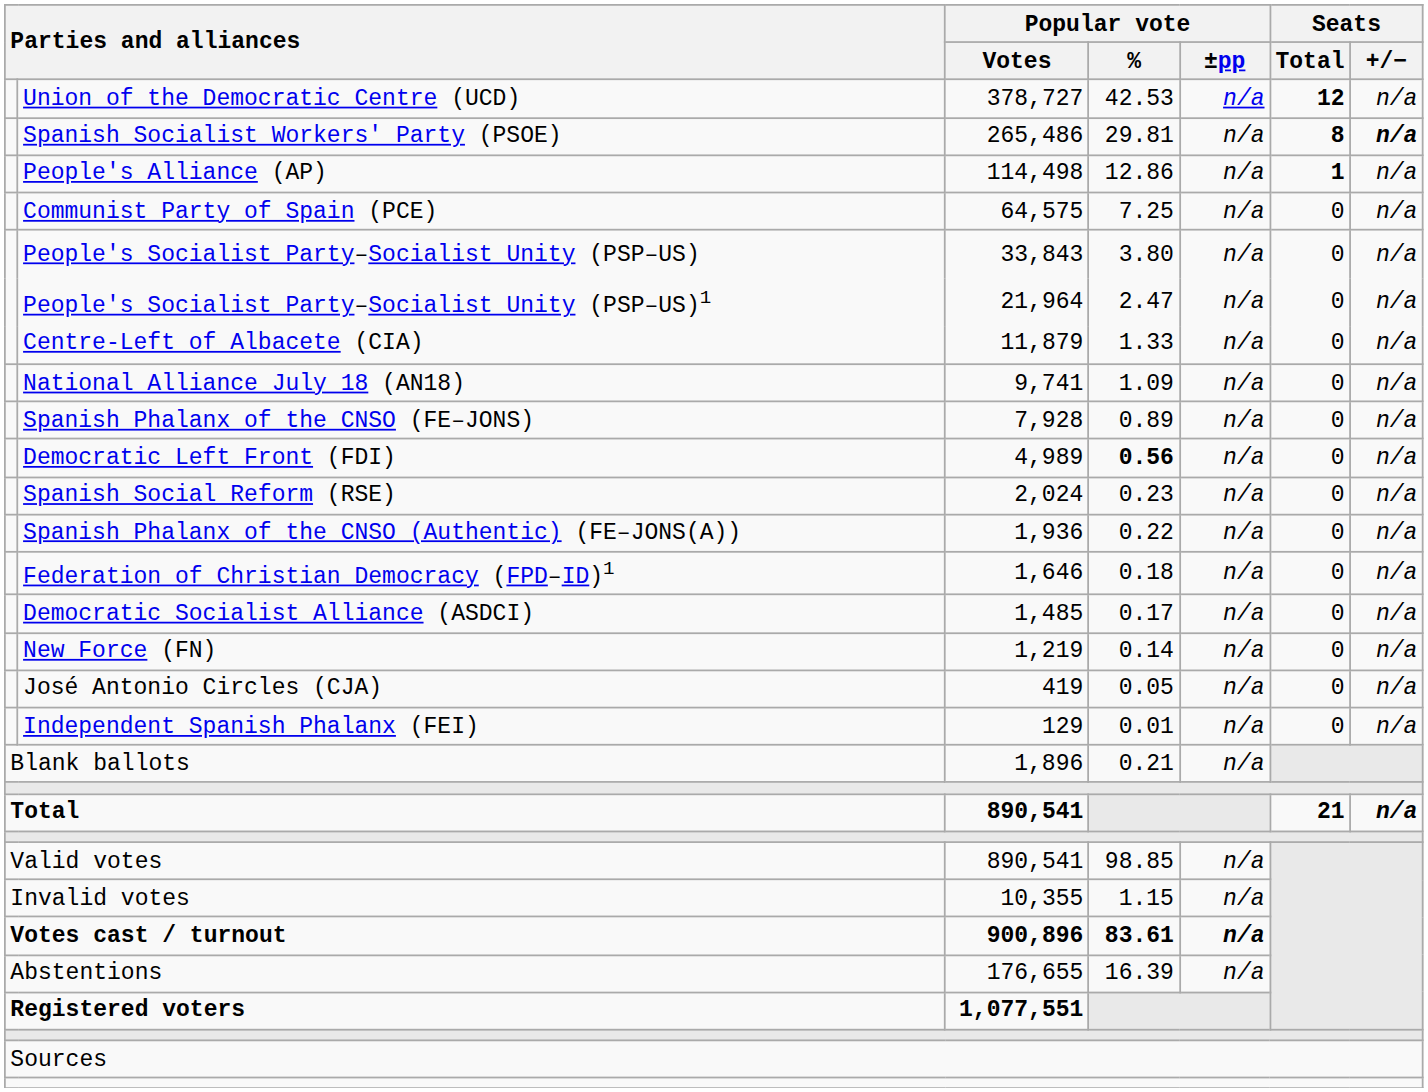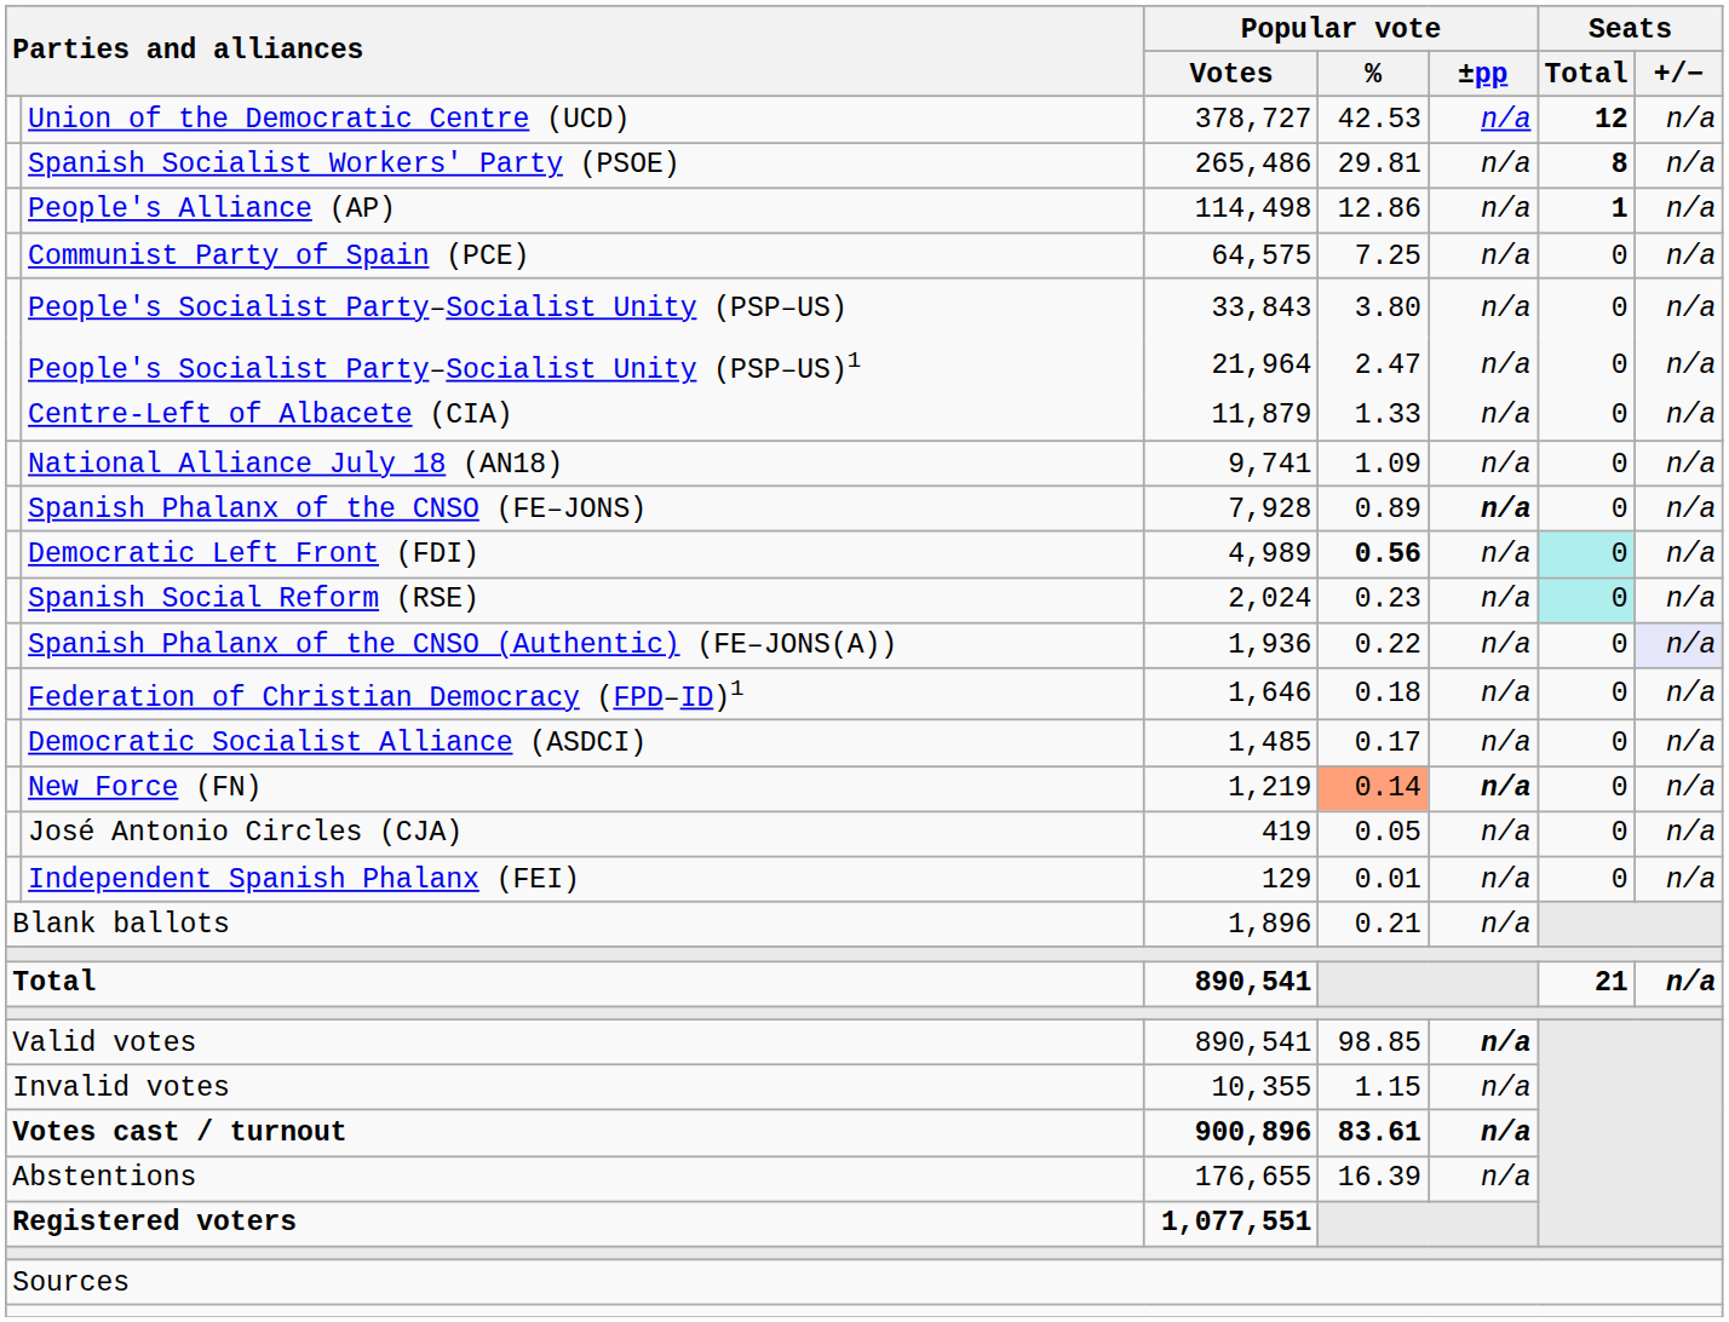 <table class="wikitable" style="text-align:right;">
 <tr>
 <th style="text-align:left;" rowspan="2" colspan="2" width="525">Parties and alliances</th>
 <th colspan="3">Popular vote</th>
 <th colspan="2">Seats</th>
 </tr>
 <tr>
 <th width="75">Votes</th>
 <th width="45">%</th>
 <th width="45">±<a href='#'>pp</a></th>
 <th width="35">Total</th>
 <th width="35">+/−</th>
 </tr>
 <tr>
 <td width="1" style="color:inherit;background:"></td>
 <td align="left"><a href='#'>Union of the Democratic Centre</a> (UCD)</td>
 <td>378,727</td>
 <td>42.53</td>
 <td><em><a href='#'>n/a</a></em></td>
 <td><strong>12</strong></td>
 <td><em>n/a</em></td>
 </tr>
 <tr>
 <td style="color:inherit;background:"></td>
 <td align="left"><a href='#'>Spanish Socialist Workers' Party</a> (PSOE)</td>
 <td>265,486</td>
 <td>29.81</td>
 <td><em>n/a</em></td>
 <td><strong>8</strong></td>
-<td><strong><em>n/a</em></strong></td>
+<td><em>n/a</em></td>
 </tr>
 <tr>
 <td style="color:inherit;background:"></td>
 <td align="left"><a href='#'>People's Alliance</a> (AP)</td>
 <td>114,498</td>
 <td>12.86</td>
 <td><em>n/a</em></td>
 <td><strong>1</strong></td>
 <td><em>n/a</em></td>
 </tr>
 <tr>
 <td style="color:inherit;background:"></td>
 <td align="left"><a href='#'>Communist Party of Spain</a> (PCE)</td>
 <td>64,575</td>
 <td>7.25</td>
 <td><em>n/a</em></td>
 <td>0</td>
 <td><em>n/a</em></td>
 </tr>
 <tr style="line-height:22px;">
 <td rowspan="3" style="color:inherit;background:"></td>
 <td align="left"><a href='#'>People's Socialist Party</a>–<a href='#'>Socialist Unity</a> (PSP–US)</td>
 <td>33,843</td>
 <td>3.80</td>
 <td><em>n/a</em></td>
 <td>0</td>
 <td><em>n/a</em></td>
 </tr>
 <tr style="border-bottom-style:hidden; border-top-style:hidden; line-height:16px;">
 <td align="left"><span><a href='#'>People's Socialist Party</a>–<a href='#'>Socialist Unity</a> (PSP–US)<sup>1</sup></span></td>
 <td>21,964</td>
 <td>2.47</td>
 <td><em>n/a</em></td>
 <td>0</td>
 <td><em>n/a</em></td>
 </tr>
 <tr style="line-height:16px;">
 <td align="left"><span><a href='#'>Centre-Left of Albacete</a> (CIA)</span></td>
 <td>11,879</td>
 <td>1.33</td>
 <td><em>n/a</em></td>
 <td>0</td>
 <td><em>n/a</em></td>
 </tr>
 <tr>
 <td style="color:inherit;background:"></td>
 <td align="left"><a href='#'>National Alliance July 18</a> (AN18)</td>
 <td>9,741</td>
 <td>1.09</td>
 <td><em>n/a</em></td>
 <td>0</td>
 <td><em>n/a</em></td>
 </tr>
 <tr>
 <td style="color:inherit;background:"></td>
 <td align="left"><a href='#'>Spanish Phalanx of the CNSO</a> (FE–JONS)</td>
 <td>7,928</td>
 <td>0.89</td>
-<td><em>n/a</em></td>
+<td><strong><em>n/a</em></strong></td>
 <td>0</td>
 <td><em>n/a</em></td>
 </tr>
 <tr>
 <td style="color:inherit;background:"></td>
 <td align="left"><a href='#'>Democratic Left Front</a> (FDI)</td>
 <td>4,989</td>
 <td><strong>0.56</strong></td>
 <td><em>n/a</em></td>
-<td>0</td>
+<td style="background: paleturquoise;">0</td>
 <td><em>n/a</em></td>
 </tr>
 <tr>
 <td style="color:inherit;background:"></td>
 <td align="left"><a href='#'>Spanish Social Reform</a> (RSE)</td>
 <td>2,024</td>
 <td>0.23</td>
 <td><em>n/a</em></td>
-<td>0</td>
+<td style="background: paleturquoise;">0</td>
 <td><em>n/a</em></td>
 </tr>
 <tr>
 <td style="color:inherit;background:"></td>
 <td align="left"><a href='#'>Spanish Phalanx of the CNSO (Authentic)</a> (FE–JONS(A))</td>
 <td>1,936</td>
 <td>0.22</td>
 <td><em>n/a</em></td>
 <td>0</td>
-<td><em>n/a</em></td>
+<td style="background: lavender;"><em>n/a</em></td>
 </tr>
 <tr>
 <td style="color:inherit;background:"></td>
 <td align="left"><a href='#'>Federation of Christian Democracy</a> (<a href='#'>FPD</a>–<a href='#'>ID</a>)<sup>1</sup></td>
 <td>1,646</td>
 <td>0.18</td>
 <td><em>n/a</em></td>
 <td>0</td>
 <td><em>n/a</em></td>
 </tr>
 <tr>
 <td style="color:inherit;background:"></td>
 <td align="left"><a href='#'>Democratic Socialist Alliance</a> (ASDCI)</td>
 <td>1,485</td>
 <td>0.17</td>
 <td><em>n/a</em></td>
 <td>0</td>
 <td><em>n/a</em></td>
 </tr>
 <tr>
 <td style="color:inherit;background:"></td>
 <td align="left"><a href='#'>New Force</a> (FN)</td>
 <td>1,219</td>
-<td>0.14</td>
-<td><em>n/a</em></td>
+<td style="background: lightsalmon;">0.14</td>
+<td><strong><em>n/a</em></strong></td>
 <td>0</td>
 <td><em>n/a</em></td>
 </tr>
 <tr>
 <td style="color:inherit;background:"></td>
 <td align="left">José Antonio Circles (CJA)</td>
 <td>419</td>
 <td>0.05</td>
 <td><em>n/a</em></td>
 <td>0</td>
 <td><em>n/a</em></td>
 </tr>
 <tr>
 <td style="color:inherit;background:"></td>
 <td align="left"><a href='#'>Independent Spanish Phalanx</a> (FEI)</td>
 <td>129</td>
 <td>0.01</td>
 <td><em>n/a</em></td>
 <td>0</td>
 <td><em>n/a</em></td>
 </tr>
 <tr>
 <td align="left" colspan="2">Blank ballots</td>
 <td>1,896</td>
 <td>0.21</td>
 <td><em>n/a</em></td>
 <td bgcolor="#E9E9E9" colspan="2"></td>
 </tr>
 <tr>
 <td colspan="7" bgcolor="#E9E9E9"></td>
 </tr>
 <tr style="font-weight:bold;">
 <td align="left" colspan="2">Total</td>
 <td>890,541</td>
 <td bgcolor="#E9E9E9" colspan="2"></td>
 <td>21</td>
 <td><em>n/a</em></td>
 </tr>
 <tr>
 <td colspan="7" bgcolor="#E9E9E9"></td>
 </tr>
 <tr>
 <td align="left" colspan="2">Valid votes</td>
 <td>890,541</td>
 <td>98.85</td>
-<td><em>n/a</em></td>
+<td><strong><em>n/a</em></strong></td>
 <td bgcolor="#E9E9E9" colspan="2" rowspan="5"></td>
 </tr>
 <tr>
 <td align="left" colspan="2">Invalid votes</td>
 <td>10,355</td>
 <td>1.15</td>
 <td><em>n/a</em></td>
 </tr>
 <tr style="font-weight:bold;">
 <td align="left" colspan="2">Votes cast / turnout</td>
 <td>900,896</td>
 <td>83.61</td>
 <td><em>n/a</em></td>
 </tr>
 <tr>
 <td align="left" colspan="2">Abstentions</td>
 <td>176,655</td>
 <td>16.39</td>
 <td><em>n/a</em></td>
 </tr>
 <tr style="font-weight:bold;">
 <td align="left" colspan="2">Registered voters</td>
 <td>1,077,551</td>
 <td bgcolor="#E9E9E9" colspan="2"></td>
 </tr>
 <tr>
 <td colspan="7" bgcolor="#E9E9E9"></td>
 </tr>
 <tr>
 <td align="left" colspan="7">Sources</td>
 </tr>
 <tr>
 <td colspan="7" style="text-align:left; max-width:790px;"></td>
 </tr>
 </table>
